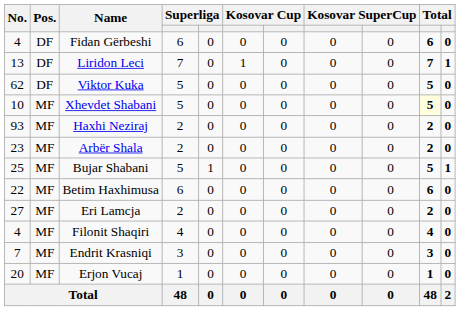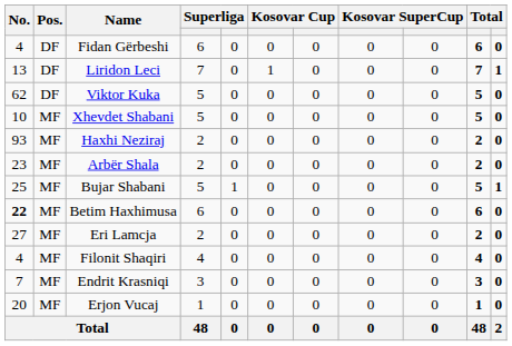 <table class="wikitable sortable" style="text-align: center;">
 <tr>
 <th rowspan="2">No.</th>
 <th rowspan="2">Pos.</th>
 <th rowspan="2">Name</th>
 <th colspan="2">Superliga</th>
 <th colspan="2">Kosovar Cup</th>
 <th colspan="2">Kosovar SuperCup</th>
 <th colspan="2"><strong>Total</strong></th>
 </tr>
 <tr>
 <th></th>
 <th></th>
 <th></th>
 <th></th>
 <th></th>
 <th></th>
 <th></th>
 <th></th>
 </tr>
 <tr>
 <td>4</td>
 <td>DF</td>
 <td> Fidan Gërbeshi</td>
 <td>6</td>
 <td>0</td>
 <td>0</td>
 <td>0</td>
 <td>0</td>
 <td>0</td>
 <td><strong>6</strong></td>
 <td><strong>0</strong></td>
 </tr>
 <tr>
 <td>13</td>
 <td>DF</td>
 <td> <a href='#'>Liridon Leci</a></td>
 <td>7</td>
 <td>0</td>
 <td>1</td>
 <td>0</td>
 <td>0</td>
 <td>0</td>
 <td><strong>7</strong></td>
 <td><strong>1</strong></td>
 </tr>
 <tr>
 <td>62</td>
 <td>DF</td>
 <td> <a href='#'>Viktor Kuka</a></td>
 <td>5</td>
 <td>0</td>
 <td>0</td>
 <td>0</td>
 <td>0</td>
 <td>0</td>
 <td><strong>5</strong></td>
 <td><strong>0</strong></td>
 </tr>
 <tr>
 <td>10</td>
 <td>MF</td>
 <td> <a href='#'>Xhevdet Shabani</a></td>
 <td>5</td>
 <td>0</td>
 <td>0</td>
 <td>0</td>
 <td>0</td>
 <td>0</td>
-<td style="background: lightyellow;"><strong>5</strong></td>
+<td><strong>5</strong></td>
 <td><strong>0</strong></td>
 </tr>
 <tr>
 <td>93</td>
 <td>MF</td>
 <td> <a href='#'>Haxhi Neziraj</a></td>
 <td>2</td>
 <td>0</td>
 <td>0</td>
 <td>0</td>
 <td>0</td>
 <td>0</td>
 <td><strong>2</strong></td>
 <td><strong>0</strong></td>
 </tr>
 <tr>
 <td>23</td>
 <td>MF</td>
 <td> <a href='#'>Arbër Shala</a></td>
 <td>2</td>
 <td>0</td>
 <td>0</td>
 <td>0</td>
 <td>0</td>
 <td>0</td>
 <td><strong>2</strong></td>
 <td><strong>0</strong></td>
 </tr>
 <tr>
 <td>25</td>
 <td>MF</td>
 <td> Bujar Shabani</td>
 <td>5</td>
 <td>1</td>
 <td>0</td>
 <td>0</td>
 <td>0</td>
 <td>0</td>
 <td><strong>5</strong></td>
 <td><strong>1</strong></td>
 </tr>
 <tr>
-<td>22</td>
+<td><strong>22</strong></td>
 <td>MF</td>
 <td> Betim Haxhimusa</td>
 <td>6</td>
 <td>0</td>
 <td>0</td>
 <td>0</td>
 <td>0</td>
 <td>0</td>
 <td><strong>6</strong></td>
 <td><strong>0</strong></td>
 </tr>
 <tr>
 <td>27</td>
 <td>MF</td>
 <td> Eri Lamcja</td>
 <td>2</td>
 <td>0</td>
 <td>0</td>
 <td>0</td>
 <td>0</td>
 <td>0</td>
 <td><strong>2</strong></td>
 <td><strong>0</strong></td>
 </tr>
 <tr>
 <td>4</td>
 <td>MF</td>
 <td> Filonit Shaqiri</td>
 <td>4</td>
 <td>0</td>
 <td>0</td>
 <td>0</td>
 <td>0</td>
 <td>0</td>
 <td><strong>4</strong></td>
 <td><strong>0</strong></td>
 </tr>
 <tr>
 <td>7</td>
 <td>MF</td>
 <td> Endrit Krasniqi</td>
 <td>3</td>
 <td>0</td>
 <td>0</td>
 <td>0</td>
 <td>0</td>
 <td>0</td>
 <td><strong>3</strong></td>
 <td><strong>0</strong></td>
 </tr>
 <tr>
 <td>20</td>
 <td>MF</td>
 <td> Erjon Vucaj</td>
 <td>1</td>
 <td>0</td>
 <td>0</td>
 <td>0</td>
 <td>0</td>
 <td>0</td>
 <td><strong>1</strong></td>
 <td><strong>0</strong></td>
 </tr>
 <tr>
 <th colspan=3>Total</th>
 <th>48</th>
 <th>0</th>
 <th>0</th>
 <th>0</th>
 <th>0</th>
 <th>0</th>
 <th><strong>48</strong></th>
 <th><strong>2</strong></th>
 </tr>
 </table>
